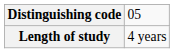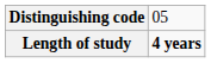 <table class="wikitable">
 <tr>
 <th>Distinguishing code</th>
 <td>05</td>
 </tr>
 <tr>
 <th>Length of study</th>
-<td>4 years</td>
+<td><strong>4 years</strong></td>
 </tr>
 </table>
